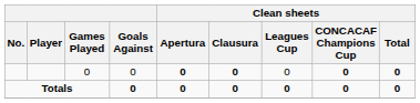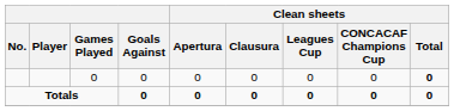 <table class="wikitable sortable alternance" style="text-align:center">
 <tr>
 <th colspan="4"></th>
 <th colspan="5">Clean sheets</th>
 </tr>
 <tr>
 <th>No.</th>
 <th>Player</th>
 <th width=80>Games Played</th>
 <th width=80>Goals Against</th>
 <th width=80>Apertura</th>
 <th width=80>Clausura</th>
 <th width=80>Leagues Cup</th>
 <th width=80>CONCACAF Champions Cup</th>
 <th width=80>Total</th>
 </tr>
 <tr>
 <td></td>
 <td></td>
 <td>0</td>
 <td>0</td>
-<td><strong>0</strong></td>
-<td><strong>0</strong></td>
 <td>0</td>
-<td><strong>0</strong></td>
+<td>0</td>
+<td>0</td>
+<td>0</td>
 <td><strong>0</strong></td>
 </tr>
 <tr>
 <td colspan="3"><strong>Totals</strong></td>
 <td><strong>0</strong></td>
 <td><strong>0</strong></td>
 <td><strong>0</strong></td>
 <td><strong>0</strong></td>
 <td><strong>0</strong></td>
 <td><strong>0</strong></td>
 </tr>
 <tr>
 </tr>
 </table>
